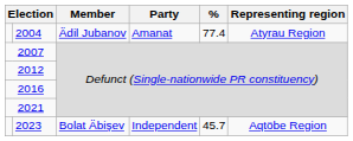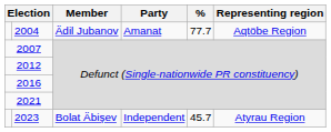 <table class="wikitable">
 <tr>
 <th colspan="2">Election</th>
 <th>Member</th>
 <th>Party</th>
 <th>%</th>
 <th>Representing region</th>
 </tr>
 <tr>
 <td style="background-color: "></td>
 <td><a href='#'>2004</a></td>
 <td><a href='#'>Ädil Jubanov</a></td>
 <td><a href='#'>Amanat</a></td>
-<td align="right">77.4</td>
-<td align="center"><a href='#'>Atyrau Region</a></td>
+<td align="right">77.7</td>
+<td align="center"><a href='#'>Aqtöbe Region</a></td>
 </tr>
 <tr>
 <td colspan="2" align="center"><a href='#'>2007</a></td>
 <td colspan="4" rowspan="4" align="center" style="background-color:#DCDCDC"><em>Defunct (<a href='#'>Single-nationwide PR constituency</a>)</em></td>
 </tr>
 <tr>
 <td colspan="2" align="center"><a href='#'>2012</a></td>
 </tr>
 <tr>
 <td colspan="2" align="center"><a href='#'>2016</a></td>
 </tr>
 <tr>
 <td colspan="2" align="center"><a href='#'>2021</a></td>
 </tr>
 <tr>
 <td style="background-color: "></td>
 <td><a href='#'>2023</a></td>
 <td><a href='#'>Bolat Äbişev</a></td>
 <td><a href='#'>Independent</a></td>
 <td align="right">45.7</td>
-<td align="center"><a href='#'>Aqtöbe Region</a></td>
+<td align="center"><a href='#'>Atyrau Region</a></td>
 </tr>
 </table>
